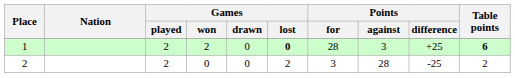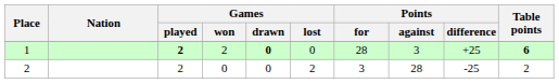 <table class="wikitable">
 <tr>
 <th rowspan=2 width="8%">Place</th>
 <th rowspan=2 width="20%">Nation</th>
 <th colspan=4 width="32%">Games</th>
 <th colspan=3 width="30%">Points</th>
 <th rowspan=2 width="10%">Table<br>points</th>
 </tr>
 <tr>
 <th width="8%">played</th>
 <th width="8%">won</th>
 <th width="8%">drawn</th>
 <th width="8%">lost</th>
 <th width="10%">for</th>
 <th width="10%">against</th>
 <th width="10%">difference</th>
 </tr>
 <tr>
 </tr>
 <tr bgcolor=#ccffcc align=center>
 <td>1</td>
 <td align=left></td>
+<td><strong>2</strong></td>
 <td>2</td>
-<td>2</td>
+<td><strong>0</strong></td>
 <td>0</td>
-<td><strong>0</strong></td>
 <td>28</td>
 <td>3</td>
 <td>+25</td>
 <td><strong>6</strong></td>
 </tr>
 <tr bgcolor=#ffffff align=center>
 <td>2</td>
 <td align=left></td>
 <td>2</td>
 <td>0</td>
 <td>0</td>
 <td>2</td>
 <td>3</td>
 <td>28</td>
 <td>-25</td>
 <td>2</td>
 </tr>
 </table>
